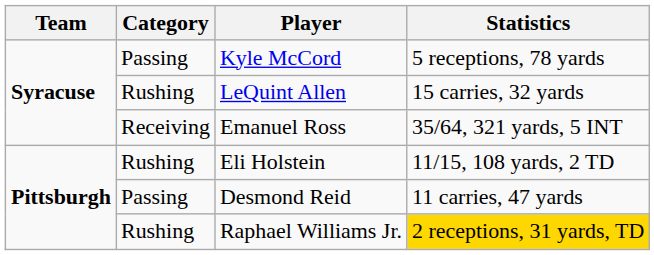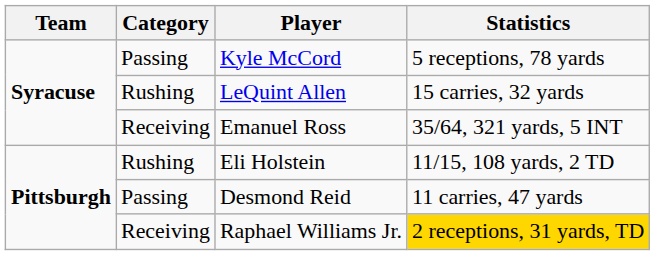 <table class="wikitable" style="float: right;">
 <tr>
 <th>Team</th>
 <th>Category</th>
 <th>Player</th>
 <th>Statistics</th>
 </tr>
 <tr>
 <td rowspan=3><strong>Syracuse</strong></td>
 <td>Passing</td>
 <td><a href='#'>Kyle McCord</a></td>
 <td>5 receptions, 78 yards</td>
 </tr>
 <tr>
 <td>Rushing</td>
 <td><a href='#'>LeQuint Allen</a></td>
 <td>15 carries, 32 yards</td>
 </tr>
 <tr>
 <td>Receiving</td>
 <td>Emanuel Ross</td>
 <td>35/64, 321 yards, 5 INT</td>
 </tr>
 <tr>
 <td rowspan=3><strong>Pittsburgh</strong></td>
 <td>Rushing</td>
 <td>Eli Holstein</td>
 <td>11/15, 108 yards, 2 TD</td>
 </tr>
 <tr>
 <td>Passing</td>
 <td>Desmond Reid</td>
 <td>11 carries, 47 yards</td>
 </tr>
 <tr>
-<td>Rushing</td>
+<td>Receiving</td>
 <td>Raphael Williams Jr.</td>
 <td style="background: gold;">2 receptions, 31 yards, TD</td>
 </tr>
 </table>
